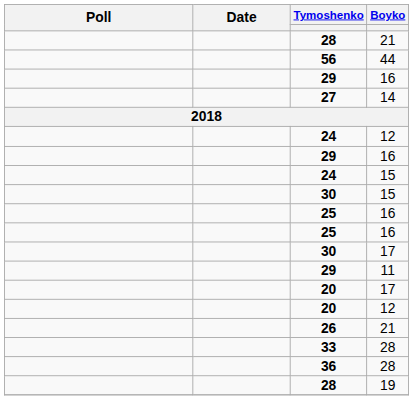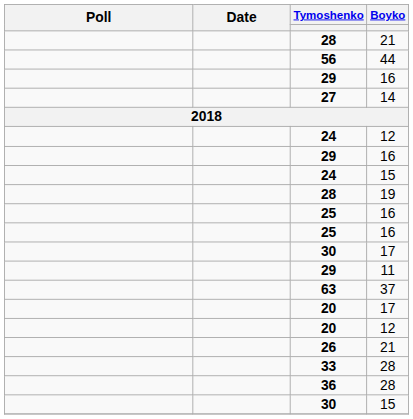 <table class="wikitable" style="text-align:center;font-size:95%;line-height:14px;">
 <tr>
 <th rowspan=2 style="width:200px;">Poll</th>
 <th rowspan=2 style="width:100px;">Date</th>
 <th><small><a href='#'>Tymoshenko</a></small><br></th>
 <th> <small><a href='#'>Boyko</a></small><br></th>
 </tr>
 <tr>
 <th style="background:"></th>
 <th style="background:"></th>
 </tr>
 <tr>
 <td></td>
 <td></td>
 <td style="background-color:#"><strong>28</strong></td>
 <td>21</td>
 </tr>
 <tr>
 <td></td>
 <td></td>
 <td style="background-color:#"><strong>56</strong></td>
 <td>44</td>
 </tr>
 <tr>
 <td></td>
 <td></td>
 <td style="background-color:#"><strong>29</strong></td>
 <td>16</td>
 </tr>
 <tr>
 <td></td>
 <td></td>
 <td style="background-color:#"><strong>27</strong></td>
 <td>14</td>
 </tr>
 <tr>
 <th colspan=4>2018</th>
 </tr>
 <tr>
 <td></td>
 <td></td>
 <td style="background-color:#"><strong>24</strong></td>
 <td>12</td>
 </tr>
 <tr>
 <td></td>
 <td></td>
 <td style="background-color:#"><strong>29</strong></td>
 <td>16</td>
 </tr>
 <tr>
 <td></td>
 <td></td>
 <td style="background-color:#"><strong>24</strong></td>
 <td>15</td>
 </tr>
 <tr>
+<td> </td>
 <td></td>
-<td></td>
-<td style="background-color:#"><strong>30</strong></td>
-<td>15</td>
+<td style="background-color:#"><strong>28</strong></td>
+<td>19</td>
 </tr>
 <tr>
 <td></td>
 <td></td>
 <td style="background-color:#"><strong>25</strong></td>
 <td>16</td>
 </tr>
 <tr>
 <td></td>
 <td></td>
 <td style="background-color:#"><strong>25</strong></td>
 <td>16</td>
 </tr>
 <tr>
 <td></td>
 <td></td>
 <td style="background-color:#"><strong>30</strong></td>
 <td>17</td>
 </tr>
 <tr>
 <td> </td>
 <td></td>
 <td style="background-color:#"><strong>29</strong></td>
 <td>11</td>
+</tr>
+<tr>
+<td> </td>
+<td></td>
+<td style="background-color:#"><strong>63</strong></td>
+<td>37</td>
 </tr>
 <tr>
 <td></td>
 <td></td>
 <td style="background-color:#"><strong>20</strong></td>
 <td>17</td>
 </tr>
 <tr>
 <td></td>
 <td></td>
 <td style="background-color:#"><strong>20</strong></td>
 <td>12</td>
 </tr>
 <tr>
 <td></td>
 <td></td>
 <td style="background-color:#"><strong>26</strong></td>
 <td>21</td>
 </tr>
 <tr>
 <td></td>
 <td></td>
 <td style="background-color:#"><strong>33</strong></td>
 <td>28</td>
 </tr>
 <tr>
 <td></td>
 <td></td>
 <td style="background-color:#"><strong>36</strong></td>
 <td>28</td>
 </tr>
 <tr>
-<td> </td>
 <td></td>
-<td style="background-color:#"><strong>28</strong></td>
-<td>19</td>
+<td></td>
+<td style="background-color:#"><strong>30</strong></td>
+<td>15</td>
 </tr>
 <tr>
 </tr>
 </table>
